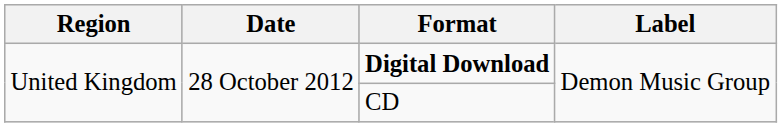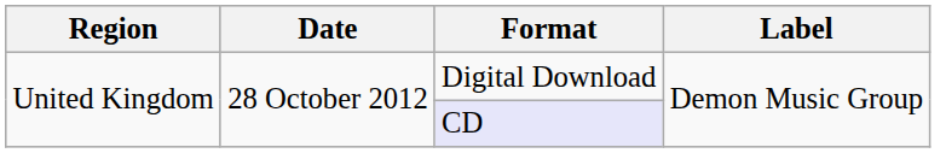 <table class=wikitable>
 <tr>
 <th>Region</th>
 <th>Date</th>
 <th>Format</th>
 <th>Label</th>
 </tr>
 <tr>
 <td rowspan="2">United Kingdom</td>
 <td rowspan="2">28 October 2012</td>
-<td><strong>Digital Download</strong></td>
+<td>Digital Download</td>
 <td rowspan="2">Demon Music Group</td>
 </tr>
 <tr>
-<td>CD</td>
+<td style="background: lavender;">CD</td>
 </tr>
 </table>
